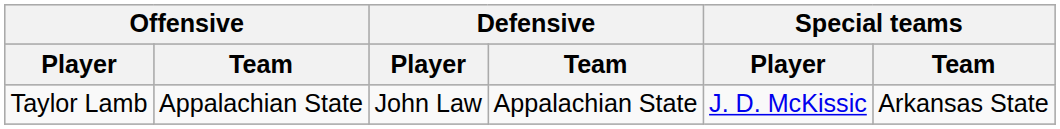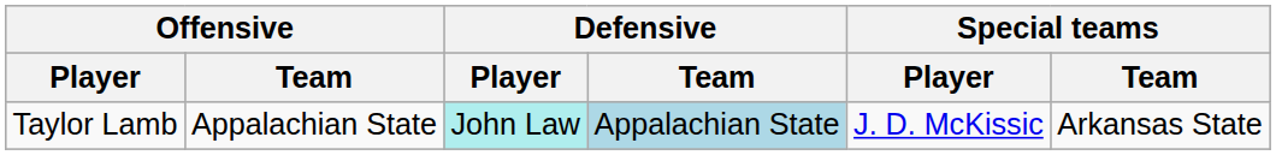 <table class="wikitable">
 <tr>
 <th colspan="2">Offensive</th>
 <th colspan="2">Defensive</th>
 <th colspan="2">Special teams</th>
 </tr>
 <tr>
 <th>Player</th>
 <th>Team</th>
 <th>Player</th>
 <th>Team</th>
 <th>Player</th>
 <th>Team</th>
 </tr>
 <tr>
 <td>Taylor Lamb</td>
 <td>Appalachian State</td>
-<td>John Law</td>
-<td>Appalachian State</td>
+<td style="background: paleturquoise;">John Law</td>
+<td style="background: lightblue;">Appalachian State</td>
 <td><a href='#'>J. D. McKissic</a></td>
 <td>Arkansas State</td>
 </tr>
 </table>
